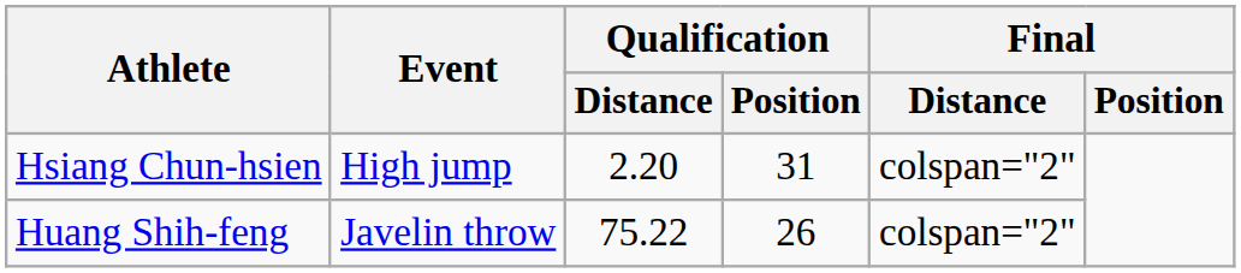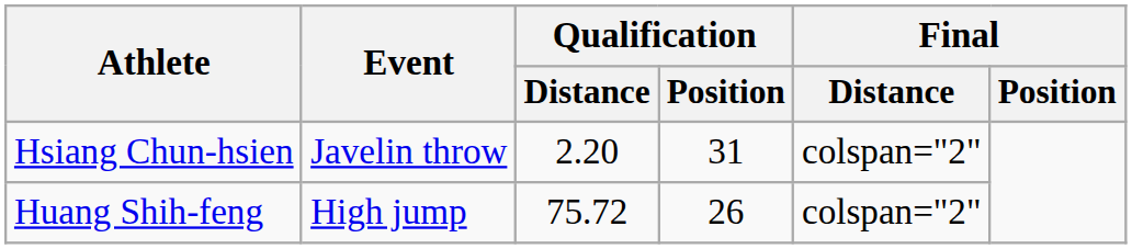 <table class=wikitable style="font-size:90%">
 <tr>
 <th rowspan="2">Athlete</th>
 <th rowspan="2">Event</th>
 <th colspan="2">Qualification</th>
 <th colspan="2">Final</th>
 </tr>
 <tr style="font-size:95%">
 <th>Distance</th>
 <th>Position</th>
 <th>Distance</th>
 <th>Position</th>
 </tr>
 <tr style=text-align:center>
 <td style=text-align:left><a href='#'>Hsiang Chun-hsien</a></td>
-<td style=text-align:left><a href='#'>High jump</a></td>
+<td style=text-align:left><a href='#'>Javelin throw</a></td>
 <td>2.20</td>
 <td>31</td>
 <td>colspan="2" </td>
 </tr>
 <tr style=text-align:center>
 <td style=text-align:left><a href='#'>Huang Shih-feng</a></td>
-<td style=text-align:left><a href='#'>Javelin throw</a></td>
-<td>75.22</td>
+<td style=text-align:left><a href='#'>High jump</a></td>
+<td>75.72</td>
 <td>26</td>
 <td>colspan="2" </td>
 </tr>
 </table>
